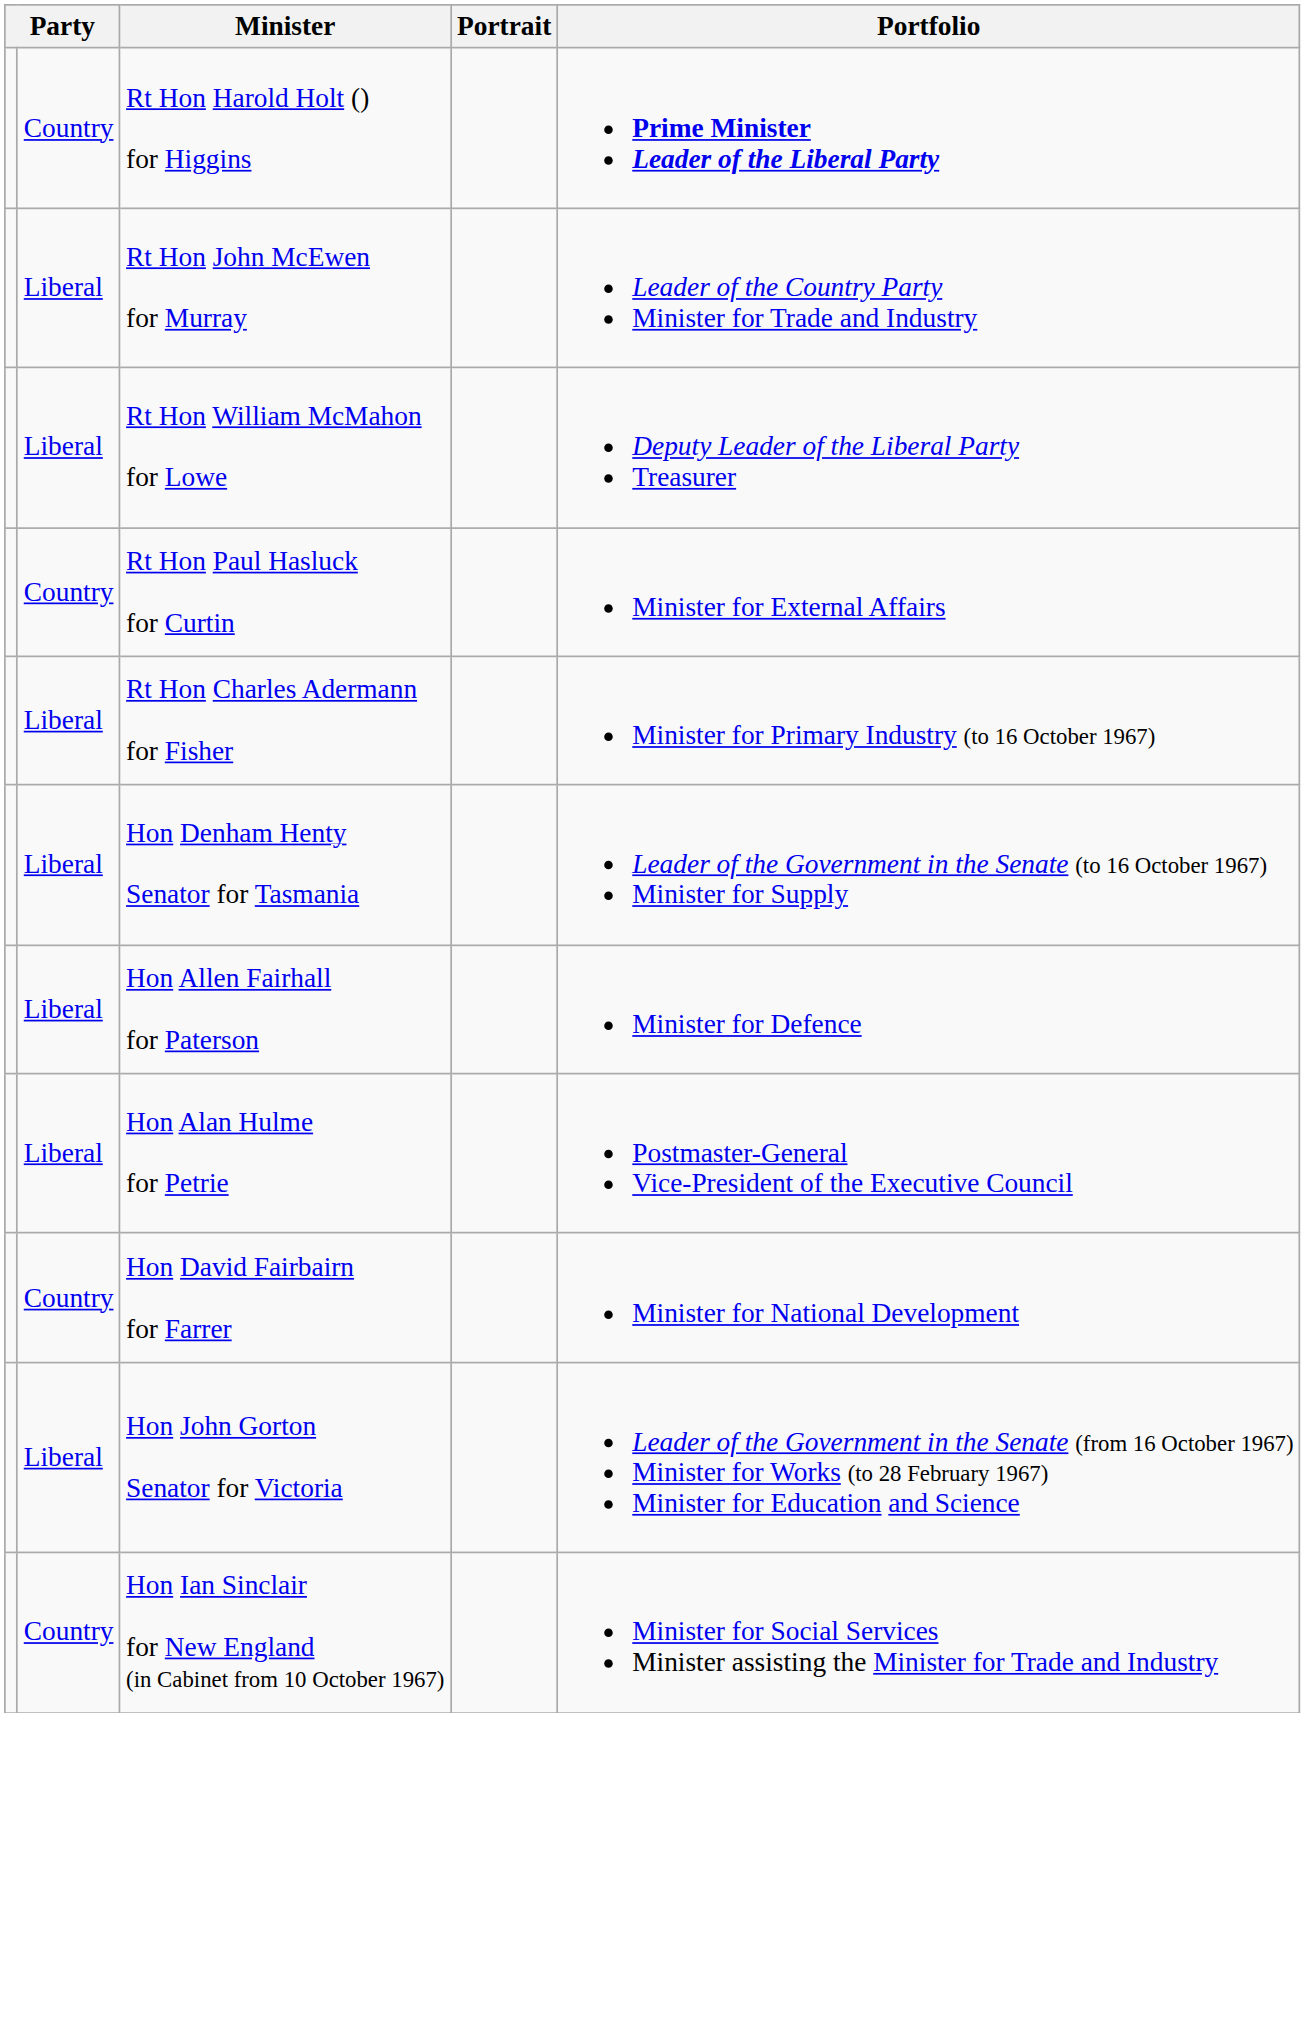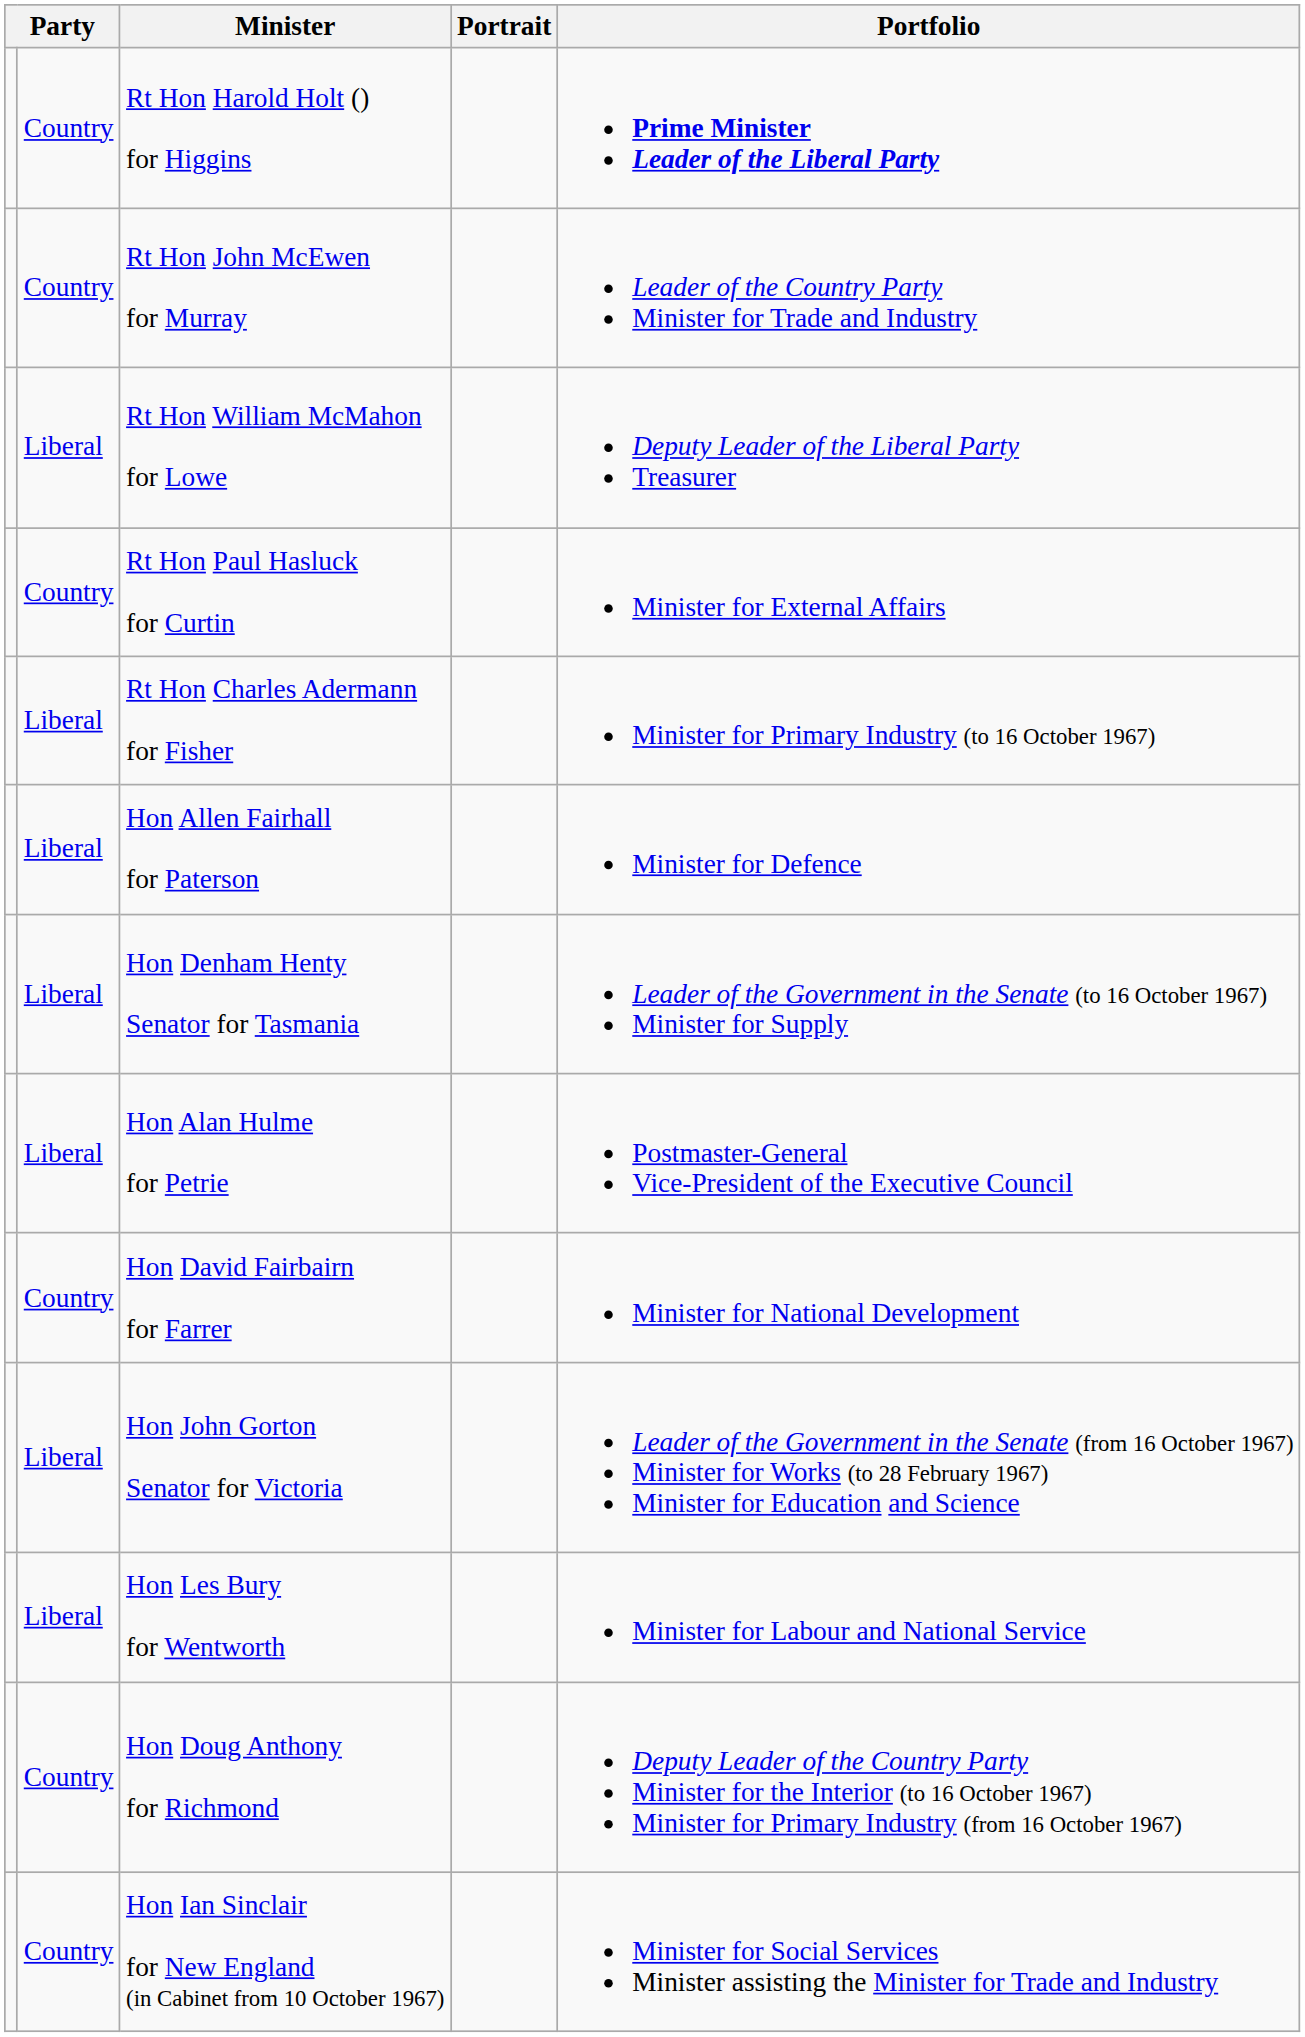 <table class="wikitable sortable">
 <tr>
 <th colspan="2">Party</th>
 <th>Minister</th>
 <th>Portrait</th>
 <th>Portfolio</th>
 </tr>
 <tr>
 <td></td>
 <td><a href='#'>Country</a></td>
 <td><a href='#'>Rt Hon</a> <a href='#'>Harold Holt</a> () <br><br> for <a href='#'>Higgins</a> <br></td>
 <td></td>
 <td><strong><br><ul><li><a href='#'>Prime Minister</a></li><li><em><a href='#'>Leader of the Liberal Party</a></em></li></ul></strong></td>
 </tr>
 <tr>
 <td></td>
-<td><a href='#'>Liberal</a></td>
+<td><a href='#'>Country</a></td>
 <td><a href='#'>Rt Hon</a> <a href='#'>John McEwen</a> <br><br> for <a href='#'>Murray</a> <br></td>
 <td></td>
 <td><br><ul><li><em><a href='#'>Leader of the Country Party</a></em></li><li><a href='#'>Minister for Trade and Industry</a></li></ul></td>
 </tr>
 <tr>
 <td></td>
 <td><a href='#'>Liberal</a></td>
 <td><a href='#'>Rt Hon</a> <a href='#'>William McMahon</a> <br><br> for <a href='#'>Lowe</a> <br></td>
 <td></td>
 <td><br><ul><li><em><a href='#'>Deputy Leader of the Liberal Party</a></em></li><li><a href='#'>Treasurer</a></li></ul></td>
 </tr>
 <tr>
 <td></td>
 <td><a href='#'>Country</a></td>
 <td><a href='#'>Rt Hon</a> <a href='#'>Paul Hasluck</a> <br><br> for <a href='#'>Curtin</a> <br></td>
 <td></td>
 <td><br><ul><li><a href='#'>Minister for External Affairs</a></li></ul></td>
 </tr>
 <tr>
 <td></td>
 <td><a href='#'>Liberal</a></td>
 <td><a href='#'>Rt Hon</a> <a href='#'>Charles Adermann</a> <br><br> for <a href='#'>Fisher</a> <br></td>
 <td></td>
 <td><br><ul><li><a href='#'>Minister for Primary Industry</a> <small>(to 16 October 1967)</small></li></ul></td>
 </tr>
 <tr>
 <td></td>
 <td><a href='#'>Liberal</a></td>
-<td><a href='#'>Hon</a> <a href='#'>Denham Henty</a> <br><br><a href='#'>Senator</a> for <a href='#'>Tasmania</a> <br></td>
+<td><a href='#'>Hon</a> <a href='#'>Allen Fairhall</a> <br><br> for <a href='#'>Paterson</a> <br></td>
 <td></td>
-<td><br><ul><li><em><a href='#'>Leader of the Government in the Senate</a></em> <small>(to 16 October 1967)</small></li><li><a href='#'>Minister for Supply</a></li></ul></td>
+<td><br><ul><li><a href='#'>Minister for Defence</a></li></ul></td>
 </tr>
 <tr>
 <td></td>
 <td><a href='#'>Liberal</a></td>
-<td><a href='#'>Hon</a> <a href='#'>Allen Fairhall</a> <br><br> for <a href='#'>Paterson</a> <br></td>
+<td><a href='#'>Hon</a> <a href='#'>Denham Henty</a> <br><br><a href='#'>Senator</a> for <a href='#'>Tasmania</a> <br></td>
 <td></td>
-<td><br><ul><li><a href='#'>Minister for Defence</a></li></ul></td>
+<td><br><ul><li><em><a href='#'>Leader of the Government in the Senate</a></em> <small>(to 16 October 1967)</small></li><li><a href='#'>Minister for Supply</a></li></ul></td>
 </tr>
 <tr>
 <td></td>
 <td><a href='#'>Liberal</a></td>
 <td><a href='#'>Hon</a> <a href='#'>Alan Hulme</a> <br><br> for <a href='#'>Petrie</a> <br></td>
 <td></td>
 <td><br><ul><li><a href='#'>Postmaster-General</a></li><li><a href='#'>Vice-President of the Executive Council</a></li></ul></td>
 </tr>
 <tr>
 <td></td>
 <td><a href='#'>Country</a></td>
 <td><a href='#'>Hon</a> <a href='#'>David Fairbairn</a>  <br><br> for <a href='#'>Farrer</a> <br></td>
 <td></td>
 <td><br><ul><li><a href='#'>Minister for National Development</a></li></ul></td>
 </tr>
 <tr>
 <td></td>
 <td><a href='#'>Liberal</a></td>
 <td><a href='#'>Hon</a> <a href='#'>John Gorton</a> <br><br><a href='#'>Senator</a> for <a href='#'>Victoria</a> <br></td>
 <td></td>
 <td><br><ul><li><em><a href='#'>Leader of the Government in the Senate</a></em> <small>(from 16 October 1967)</small></li><li><a href='#'>Minister for Works</a> <small>(to 28 February 1967)</small></li><li><a href='#'>Minister for Education</a> <a href='#'>and Science</a></li></ul></td>
 </tr>
 <tr>
 <td></td>
+<td><a href='#'>Liberal</a></td>
+<td><a href='#'>Hon</a> <a href='#'>Les Bury</a> <br><br> for <a href='#'>Wentworth</a> <br></td>
+<td></td>
+<td><br><ul><li><a href='#'>Minister for Labour and National Service</a></li></ul></td>
+</tr>
+<tr>
+<td></td>
+<td><a href='#'>Country</a></td>
+<td><a href='#'>Hon</a> <a href='#'>Doug Anthony</a> <br><br> for <a href='#'>Richmond</a> <br></td>
+<td></td>
+<td><br><ul><li><em><a href='#'>Deputy Leader of the Country Party</a></em></li><li><a href='#'>Minister for the Interior</a> <small>(to 16 October 1967)</small></li><li><a href='#'>Minister for Primary Industry</a> <small>(from 16 October 1967)</small></li></ul></td>
+</tr>
+<tr>
+<td></td>
 <td><a href='#'>Country</a></td>
 <td><a href='#'>Hon</a> <a href='#'>Ian Sinclair</a> <br><br> for <a href='#'>New England</a> <br>  <small>(in Cabinet from 10 October 1967)</small></td>
 <td></td>
 <td><br><ul><li><a href='#'>Minister for Social Services</a></li><li>Minister assisting the <a href='#'>Minister for Trade and Industry</a></li></ul></td>
 </tr>
 </table>
